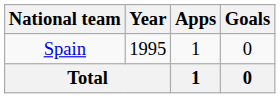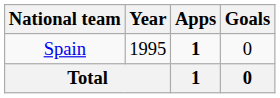 <table class="wikitable" style="text-align:center">
 <tr>
 <th>National team</th>
 <th>Year</th>
 <th>Apps</th>
 <th>Goals</th>
 </tr>
 <tr>
 <td><a href='#'>Spain</a></td>
 <td>1995</td>
-<td>1</td>
+<td><strong>1</strong></td>
 <td>0</td>
 </tr>
 <tr>
 <th colspan="2">Total</th>
 <th>1</th>
 <th>0</th>
 </tr>
 </table>
